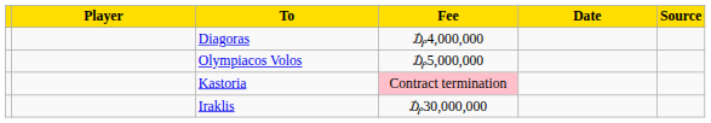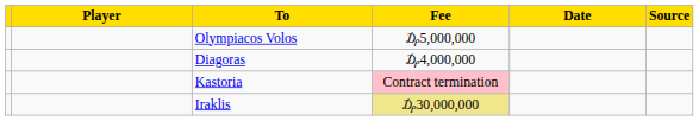 <table class="wikitable sortable">
 <tr>
 <th style="background:#FFDE00"></th>
 <th width=200 style="background:#FFDE00">Player</th>
 <th width=200 style="background:#FFDE00">To</th>
 <th width=150 style="background:#FFDE00">Fee</th>
 <th width=150 style="background:#FFDE00">Date</th>
 <th style="background:#FFDE00">Source</th>
 </tr>
 <tr>
 <td align=center></td>
 <td></td>
-<td> <a href='#'>Diagoras</a></td>
-<td align=center>₯4,000,000</td>
+<td> <a href='#'>Olympiacos Volos</a></td>
+<td align=center>₯5,000,000</td>
 <td align=center></td>
 <td align=center></td>
 </tr>
 <tr>
 <td align=center></td>
 <td></td>
-<td> <a href='#'>Olympiacos Volos</a></td>
-<td align=center>₯5,000,000</td>
+<td> <a href='#'>Diagoras</a></td>
+<td align=center>₯4,000,000</td>
 <td align=center></td>
 <td align=center></td>
 </tr>
 <tr>
 <td align=center></td>
 <td></td>
 <td> <a href='#'>Kastoria</a></td>
 <td align=center style="background: pink;">Contract termination</td>
 <td align=center></td>
 <td align=center></td>
 </tr>
 <tr>
 <td align=center></td>
 <td></td>
 <td> <a href='#'>Iraklis</a></td>
-<td align=center>₯30,000,000</td>
+<td align=center style="background: khaki;">₯30,000,000</td>
 <td align=center></td>
 <td align=center></td>
 </tr>
 </table>
